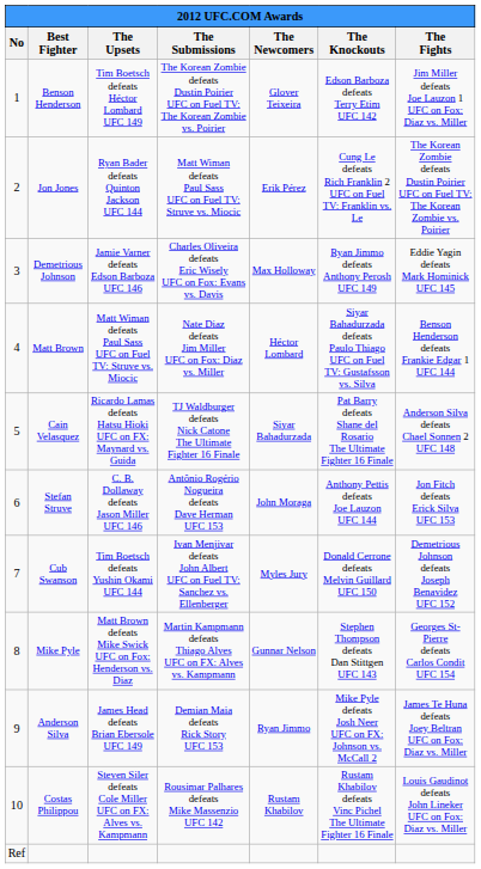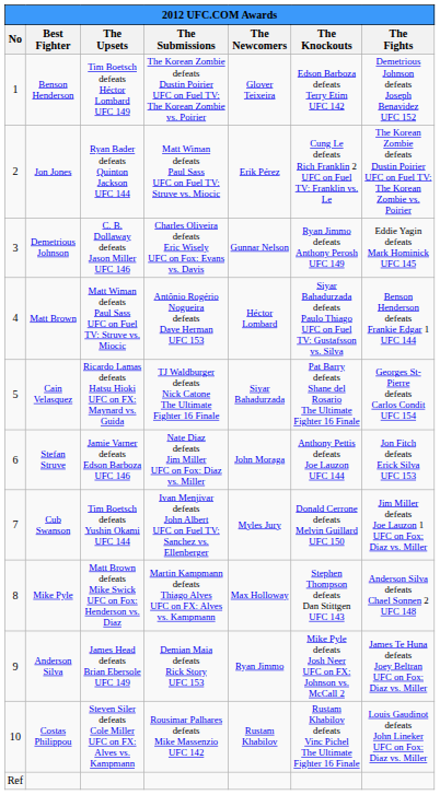 <table class="wikitable" width="100%" style="text-align:Center">
 <tr>
 <th colspan="7" style="border: 1px solid black; padding: 5px; background: #3B99FA;">2012 UFC.COM Awards</th>
 </tr>
 <tr>
 <th>No</th>
 <th>Best Fighter</th>
 <th>The<br>Upsets</th>
 <th>The<br>Submissions</th>
 <th>The Newcomers</th>
 <th>The<br>Knockouts</th>
 <th>The<br>Fights</th>
 </tr>
 <tr>
 <td>1</td>
 <td style="font-size:87%"><a href='#'>Benson Henderson</a></td>
 <td style="font-size:87%"><a href='#'>Tim Boetsch</a> <br> defeats <br> <a href='#'>Héctor Lombard</a> <br> <a href='#'>UFC 149</a></td>
 <td style="font-size:87%"><a href='#'>The Korean Zombie</a> <br> defeats <br> <a href='#'>Dustin Poirier</a> <br> <a href='#'>UFC on Fuel TV: The Korean Zombie vs. Poirier</a></td>
 <td style="font-size:87%"><a href='#'>Glover Teixeira</a></td>
 <td style="font-size:87%"><a href='#'>Edson Barboza</a> <br> defeats <br> <a href='#'>Terry Etim</a> <br> <a href='#'>UFC 142</a></td>
-<td style="font-size:87%"><a href='#'>Jim Miller</a> <br> defeats <br> <a href='#'>Joe Lauzon</a> 1 <br> <a href='#'>UFC on Fox: Diaz vs. Miller</a></td>
+<td style="font-size:87%"><a href='#'>Demetrious Johnson</a> <br> defeats <br> <a href='#'>Joseph Benavidez</a> <br> <a href='#'>UFC 152</a></td>
 </tr>
 <tr>
 <td>2</td>
 <td style="font-size:87%"><a href='#'>Jon Jones</a></td>
 <td style="font-size:87%"><a href='#'>Ryan Bader</a> <br> defeats  <br> <a href='#'>Quinton Jackson</a> <br> <a href='#'>UFC 144</a></td>
 <td style="font-size:87%"><a href='#'>Matt Wiman</a> <br> defeats <br> <a href='#'>Paul Sass</a> <br> <a href='#'>UFC on Fuel TV: Struve vs. Miocic</a></td>
 <td style="font-size:87%"><a href='#'>Erik Pérez</a></td>
 <td style="font-size:87%"><a href='#'>Cung Le</a> <br> defeats <br> <a href='#'>Rich Franklin</a> 2 <br> <a href='#'>UFC on Fuel TV: Franklin vs. Le</a></td>
 <td style="font-size:87%"><a href='#'>The Korean Zombie</a> <br> defeats <br> <a href='#'>Dustin Poirier</a> <br> <a href='#'>UFC on Fuel TV: The Korean Zombie vs. Poirier</a></td>
 </tr>
 <tr>
 <td>3</td>
 <td style="font-size:87%"><a href='#'>Demetrious Johnson</a></td>
-<td style="font-size:87%"><a href='#'>Jamie Varner</a> <br> defeats  <br> <a href='#'>Edson Barboza</a> <br> <a href='#'>UFC  146</a></td>
+<td style="font-size:87%"><a href='#'>C. B. Dollaway</a> <br> defeats <br> <a href='#'>Jason Miller</a> <br> <a href='#'>UFC 146</a></td>
 <td style="font-size:87%"><a href='#'>Charles Oliveira</a> <br> defeats  <br> <a href='#'>Eric Wisely</a> <br> <a href='#'>UFC on Fox: Evans vs. Davis</a></td>
-<td style="font-size:87%"><a href='#'>Max Holloway</a></td>
+<td style="font-size:87%"><a href='#'>Gunnar Nelson</a></td>
 <td style="font-size:87%"><a href='#'>Ryan Jimmo</a> <br> defeats <br> <a href='#'>Anthony Perosh</a> <br> <a href='#'>UFC 149</a></td>
 <td style="font-size:87%">Eddie Yagin <br> defeats <br> <a href='#'>Mark Hominick</a> <br> <a href='#'>UFC 145</a></td>
 </tr>
 <tr>
 <td>4</td>
 <td style="font-size:87%"><a href='#'>Matt Brown</a></td>
 <td style="font-size:87%"><a href='#'>Matt Wiman</a> <br> defeats <br> <a href='#'>Paul Sass</a> <br> <a href='#'>UFC on Fuel TV: Struve vs. Miocic</a></td>
-<td style="font-size:87%"><a href='#'>Nate Diaz</a> <br> defeats <br> <a href='#'>Jim Miller</a> <br> <a href='#'>UFC on Fox: Diaz vs. Miller</a></td>
+<td style="font-size:87%"><a href='#'>Antônio Rogério Nogueira</a> <br> defeats <br> <a href='#'>Dave Herman</a> <br> <a href='#'>UFC 153</a></td>
 <td style="font-size:87%"><a href='#'>Héctor Lombard</a></td>
 <td style="font-size:87%"><a href='#'>Siyar Bahadurzada</a> <br> defeats <br> <a href='#'>Paulo Thiago</a> <br> <a href='#'>UFC on Fuel TV: Gustafsson vs. Silva</a></td>
 <td style="font-size:87%"><a href='#'>Benson Henderson</a> <br> defeats <br> <a href='#'>Frankie Edgar</a> 1<br> <a href='#'>UFC 144</a></td>
 </tr>
 <tr>
 <td>5</td>
 <td style="font-size:87%"><a href='#'>Cain Velasquez</a></td>
 <td style="font-size:87%"><a href='#'>Ricardo Lamas</a> <br> defeats <br> <a href='#'>Hatsu Hioki</a> <br> <a href='#'>UFC on FX: Maynard vs. Guida</a></td>
 <td style="font-size:87%"><a href='#'>TJ Waldburger</a> <br> defeats <br> <a href='#'>Nick Catone</a> <br> <a href='#'>The Ultimate Fighter 16 Finale</a></td>
 <td style="font-size:87%"><a href='#'>Siyar Bahadurzada</a></td>
 <td style="font-size:87%"><a href='#'>Pat Barry</a> <br> defeats <br> <a href='#'>Shane del Rosario</a> <br> <a href='#'>The Ultimate Fighter 16 Finale</a></td>
-<td style="font-size:87%"><a href='#'>Anderson Silva</a> <br> defeats <br> <a href='#'>Chael Sonnen</a> 2<br> <a href='#'>UFC 148</a></td>
+<td style="font-size:87%"><a href='#'>Georges St-Pierre</a> <br> defeats <br> <a href='#'>Carlos Condit</a> <br> <a href='#'>UFC 154</a></td>
 </tr>
 <tr>
 <td>6</td>
 <td style="font-size:87%"><a href='#'>Stefan Struve</a></td>
-<td style="font-size:87%"><a href='#'>C. B. Dollaway</a> <br> defeats <br> <a href='#'>Jason Miller</a> <br> <a href='#'>UFC 146</a></td>
-<td style="font-size:87%"><a href='#'>Antônio Rogério Nogueira</a> <br> defeats <br> <a href='#'>Dave Herman</a> <br> <a href='#'>UFC 153</a></td>
+<td style="font-size:87%"><a href='#'>Jamie Varner</a> <br> defeats  <br> <a href='#'>Edson Barboza</a> <br> <a href='#'>UFC  146</a></td>
+<td style="font-size:87%"><a href='#'>Nate Diaz</a> <br> defeats <br> <a href='#'>Jim Miller</a> <br> <a href='#'>UFC on Fox: Diaz vs. Miller</a></td>
 <td style="font-size:87%"><a href='#'>John Moraga</a></td>
 <td style="font-size:87%"><a href='#'>Anthony Pettis</a> <br> defeats <br> <a href='#'>Joe Lauzon</a> <br> <a href='#'>UFC 144</a></td>
 <td style="font-size:87%"><a href='#'>Jon Fitch</a> <br> defeats <br> <a href='#'>Erick Silva</a> <br> <a href='#'>UFC 153</a></td>
 </tr>
 <tr>
 <td>7</td>
 <td style="font-size:87%"><a href='#'>Cub Swanson</a></td>
 <td style="font-size:87%"><a href='#'>Tim Boetsch</a> <br> defeats <br> <a href='#'>Yushin Okami</a> <br> <a href='#'>UFC 144</a></td>
 <td style="font-size:87%"><a href='#'>Ivan Menjivar</a> <br> defeats <br> <a href='#'>John Albert</a> <br> <a href='#'>UFC on Fuel TV: Sanchez vs. Ellenberger</a></td>
 <td style="font-size:87%"><a href='#'>Myles Jury</a></td>
 <td style="font-size:87%"><a href='#'>Donald Cerrone</a> <br> defeats <br> <a href='#'>Melvin Guillard</a> <br> <a href='#'>UFC 150</a></td>
-<td style="font-size:87%"><a href='#'>Demetrious Johnson</a> <br> defeats <br> <a href='#'>Joseph Benavidez</a> <br> <a href='#'>UFC 152</a></td>
+<td style="font-size:87%"><a href='#'>Jim Miller</a> <br> defeats <br> <a href='#'>Joe Lauzon</a> 1 <br> <a href='#'>UFC on Fox: Diaz vs. Miller</a></td>
 </tr>
 <tr>
 <td>8</td>
 <td style="font-size:87%"><a href='#'>Mike Pyle</a></td>
 <td style="font-size:87%"><a href='#'>Matt Brown</a> <br> defeats <br> <a href='#'>Mike Swick</a> <br> <a href='#'>UFC on Fox: Henderson vs. Diaz</a></td>
 <td style="font-size:87%"><a href='#'>Martin Kampmann</a> <br> defeats <br> <a href='#'>Thiago Alves</a> <br> <a href='#'>UFC on FX: Alves vs. Kampmann</a></td>
-<td style="font-size:87%"><a href='#'>Gunnar Nelson</a></td>
+<td style="font-size:87%"><a href='#'>Max Holloway</a></td>
 <td style="font-size:87%"><a href='#'>Stephen Thompson</a> <br> defeats <br> Dan Stittgen <br> <a href='#'>UFC 143</a></td>
-<td style="font-size:87%"><a href='#'>Georges St-Pierre</a> <br> defeats <br> <a href='#'>Carlos Condit</a> <br> <a href='#'>UFC 154</a></td>
+<td style="font-size:87%"><a href='#'>Anderson Silva</a> <br> defeats <br> <a href='#'>Chael Sonnen</a> 2<br> <a href='#'>UFC 148</a></td>
 </tr>
 <tr>
 <td>9</td>
 <td style="font-size:87%"><a href='#'>Anderson Silva</a></td>
 <td style="font-size:87%"><a href='#'>James Head</a> <br> defeats <br> <a href='#'>Brian Ebersole</a>   <br> <a href='#'>UFC 149</a></td>
 <td style="font-size:87%"><a href='#'>Demian Maia</a> <br> defeats <br> <a href='#'>Rick Story</a> <br> <a href='#'>UFC 153</a></td>
 <td style="font-size:87%"><a href='#'>Ryan Jimmo</a></td>
 <td style="font-size:87%"><a href='#'>Mike Pyle</a> <br> defeats <br> <a href='#'>Josh Neer</a> <br> <a href='#'>UFC on FX: Johnson vs. McCall 2</a></td>
 <td style="font-size:87%"><a href='#'>James Te Huna</a> <br> defeats <br> <a href='#'>Joey Beltran</a> <br> <a href='#'>UFC on Fox: Diaz vs. Miller</a></td>
 </tr>
 <tr>
 <td>10</td>
 <td style="font-size:87%"><a href='#'>Costas Philippou</a></td>
 <td style="font-size:87%"><a href='#'>Steven Siler</a> <br> defeats <br> <a href='#'>Cole Miller</a>   <br> <a href='#'>UFC on FX: Alves vs. Kampmann</a></td>
 <td style="font-size:87%"><a href='#'>Rousimar Palhares</a> <br> defeats <br> <a href='#'>Mike Massenzio</a> <br> <a href='#'>UFC 142</a></td>
 <td style="font-size:87%"><a href='#'>Rustam Khabilov</a></td>
 <td style="font-size:87%"><a href='#'>Rustam Khabilov</a><br> defeats <br> <a href='#'>Vinc Pichel</a> <br> <a href='#'>The Ultimate Fighter 16 Finale</a></td>
 <td style="font-size:87%"><a href='#'>Louis Gaudinot</a> <br> defeats <br> <a href='#'>John Lineker</a> <br> <a href='#'>UFC on Fox: Diaz vs. Miller</a></td>
 </tr>
 <tr>
 <td>Ref</td>
 <td></td>
 <td></td>
 <td></td>
 <td></td>
 <td></td>
 <td></td>
 </tr>
 </table>
